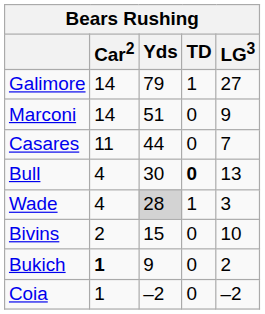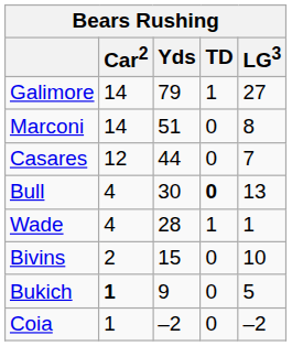 <table class="wikitable">
 <tr>
 <th colspan="5">Bears Rushing</th>
 </tr>
 <tr>
 <th></th>
 <th>Car<sup>2</sup></th>
 <th>Yds</th>
 <th>TD</th>
 <th>LG<sup>3</sup></th>
 </tr>
 <tr>
 <td><a href='#'>Galimore</a></td>
 <td>14</td>
 <td>79</td>
 <td>1</td>
 <td>27</td>
 </tr>
 <tr>
 <td><a href='#'>Marconi</a></td>
 <td>14</td>
 <td>51</td>
 <td>0</td>
-<td>9</td>
+<td>8</td>
 </tr>
 <tr>
 <td><a href='#'>Casares</a></td>
-<td>11</td>
+<td>12</td>
 <td>44</td>
 <td>0</td>
 <td>7</td>
 </tr>
 <tr>
 <td><a href='#'>Bull</a></td>
 <td>4</td>
 <td>30</td>
 <td><strong>0</strong></td>
 <td>13</td>
 </tr>
 <tr>
 <td><a href='#'>Wade</a></td>
 <td>4</td>
-<td style="background: lightgrey;">28</td>
+<td>28</td>
 <td>1</td>
-<td>3</td>
+<td>1</td>
 </tr>
 <tr>
 <td><a href='#'>Bivins</a></td>
 <td>2</td>
 <td>15</td>
 <td>0</td>
 <td>10</td>
 </tr>
 <tr>
 <td><a href='#'>Bukich</a></td>
 <td><strong>1</strong></td>
 <td>9</td>
 <td>0</td>
-<td>2</td>
+<td>5</td>
 </tr>
 <tr>
 <td><a href='#'>Coia</a></td>
 <td>1</td>
 <td>–2</td>
 <td>0</td>
 <td>–2</td>
 </tr>
 </table>
